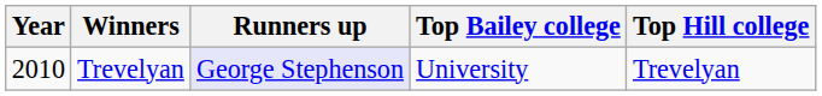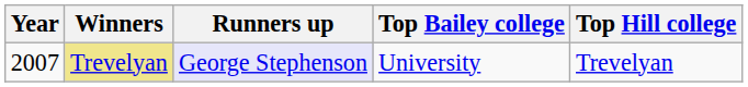 <table class="wikitable">
 <tr>
 <th>Year</th>
 <th>Winners</th>
 <th>Runners up</th>
 <th>Top <a href='#'>Bailey college</a></th>
 <th>Top <a href='#'>Hill college</a></th>
 </tr>
 <tr>
-<td>2010</td>
-<td> <a href='#'>Trevelyan</a></td>
+<td>2007</td>
+<td style="background: khaki;"> <a href='#'>Trevelyan</a></td>
 <td style="background: lavender;">  <a href='#'>George Stephenson</a></td>
 <td>  <a href='#'>University</a></td>
 <td> <a href='#'>Trevelyan</a></td>
 </tr>
 </table>
